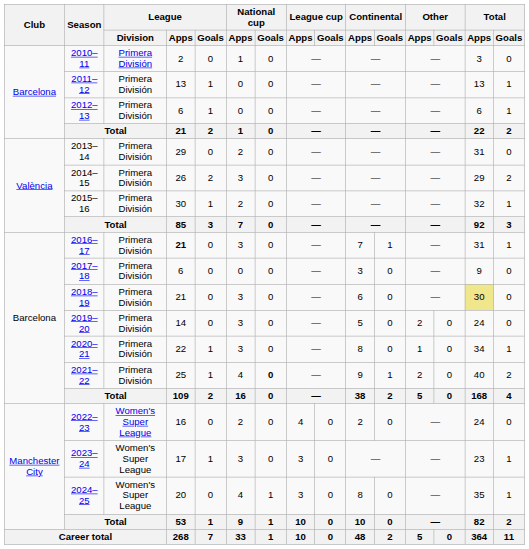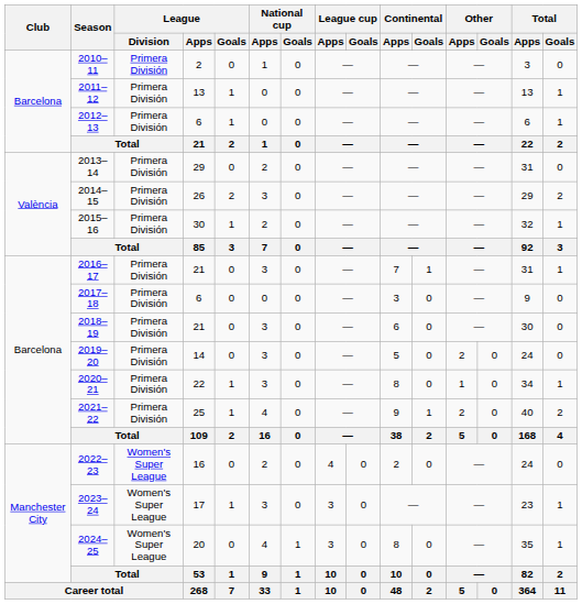 <table class="wikitable" style="text-align:center">
 <tr>
 <th rowspan="2">Club</th>
 <th rowspan="2">Season</th>
 <th colspan="3">League</th>
 <th colspan="2">National cup</th>
 <th colspan="2">League cup</th>
 <th colspan="2">Continental</th>
 <th colspan="2">Other</th>
 <th colspan="2">Total</th>
 </tr>
 <tr>
 <th>Division</th>
 <th>Apps</th>
 <th>Goals</th>
 <th>Apps</th>
 <th>Goals</th>
 <th>Apps</th>
 <th>Goals</th>
 <th>Apps</th>
 <th>Goals</th>
 <th>Apps</th>
 <th>Goals</th>
 <th>Apps</th>
 <th>Goals</th>
 </tr>
 <tr>
 <td rowspan="4"><a href='#'>Barcelona</a></td>
 <td><a href='#'>2010–11</a></td>
 <td><a href='#'>Primera División</a></td>
 <td>2</td>
 <td>0</td>
 <td>1</td>
 <td>0</td>
 <td colspan="2">—</td>
 <td colspan="2">—</td>
 <td colspan="2">—</td>
 <td>3</td>
 <td>0</td>
 </tr>
 <tr>
 <td><a href='#'>2011–12</a></td>
 <td>Primera División</td>
 <td>13</td>
 <td>1</td>
 <td>0</td>
 <td>0</td>
 <td colspan="2">—</td>
 <td colspan="2">—</td>
 <td colspan="2">—</td>
 <td>13</td>
 <td>1</td>
 </tr>
 <tr>
 <td><a href='#'>2012–13</a></td>
 <td>Primera División</td>
 <td>6</td>
 <td>1</td>
 <td>0</td>
 <td>0</td>
 <td colspan="2">—</td>
 <td colspan="2">—</td>
 <td colspan="2">—</td>
 <td>6</td>
 <td>1</td>
 </tr>
 <tr>
 <th colspan="2">Total</th>
 <th>21</th>
 <th>2</th>
 <th>1</th>
 <th>0</th>
 <th colspan="2">—</th>
 <th colspan="2">—</th>
 <th colspan="2">—</th>
 <th>22</th>
 <th>2</th>
 </tr>
 <tr>
 <td rowspan="4"><a href='#'>València</a></td>
 <td>2013–14</td>
 <td>Primera División</td>
 <td>29</td>
 <td>0</td>
 <td>2</td>
 <td>0</td>
 <td colspan="2">—</td>
 <td colspan="2">—</td>
 <td colspan="2">—</td>
 <td>31</td>
 <td>0</td>
 </tr>
 <tr>
 <td>2014–15</td>
 <td>Primera División</td>
 <td>26</td>
 <td>2</td>
 <td>3</td>
 <td>0</td>
 <td colspan="2">—</td>
 <td colspan="2">—</td>
 <td colspan="2">—</td>
 <td>29</td>
 <td>2</td>
 </tr>
 <tr>
 <td>2015–16</td>
 <td>Primera División</td>
 <td>30</td>
 <td>1</td>
 <td>2</td>
 <td>0</td>
 <td colspan="2">—</td>
 <td colspan="2">—</td>
 <td colspan="2">—</td>
 <td>32</td>
 <td>1</td>
 </tr>
 <tr>
 <th colspan="2">Total</th>
 <th>85</th>
 <th>3</th>
 <th>7</th>
 <th>0</th>
 <th colspan="2">—</th>
 <th colspan="2">—</th>
 <th colspan="2">—</th>
 <th>92</th>
 <th>3</th>
 </tr>
 <tr>
 <td rowspan="7">Barcelona</td>
 <td><a href='#'>2016–17</a></td>
 <td>Primera División</td>
-<td><strong>21</strong></td>
+<td>21</td>
 <td>0</td>
 <td>3</td>
 <td>0</td>
 <td colspan="2">—</td>
 <td>7</td>
 <td>1</td>
 <td colspan="2">—</td>
 <td>31</td>
 <td>1</td>
 </tr>
 <tr>
 <td><a href='#'>2017–18</a></td>
 <td>Primera División</td>
 <td>6</td>
 <td>0</td>
 <td>0</td>
 <td>0</td>
 <td colspan="2">—</td>
 <td>3</td>
 <td>0</td>
 <td colspan="2">—</td>
 <td>9</td>
 <td>0</td>
 </tr>
 <tr>
 <td><a href='#'>2018–19</a></td>
 <td>Primera División</td>
 <td>21</td>
 <td>0</td>
 <td>3</td>
 <td>0</td>
 <td colspan="2">—</td>
 <td>6</td>
 <td>0</td>
 <td colspan="2">—</td>
-<td style="background: khaki;">30</td>
+<td>30</td>
 <td>0</td>
 </tr>
 <tr>
 <td><a href='#'>2019–20</a></td>
 <td>Primera División</td>
 <td>14</td>
 <td>0</td>
 <td>3</td>
 <td>0</td>
 <td colspan="2">—</td>
 <td>5</td>
 <td>0</td>
 <td>2</td>
 <td>0</td>
 <td>24</td>
 <td>0</td>
 </tr>
 <tr>
 <td><a href='#'>2020–21</a></td>
 <td>Primera División</td>
 <td>22</td>
 <td>1</td>
 <td>3</td>
 <td>0</td>
 <td colspan="2">—</td>
 <td>8</td>
 <td>0</td>
 <td>1</td>
 <td>0</td>
 <td>34</td>
 <td>1</td>
 </tr>
 <tr>
 <td><a href='#'>2021–22</a></td>
 <td>Primera División</td>
 <td>25</td>
 <td>1</td>
 <td>4</td>
-<td><strong>0</strong></td>
+<td>0</td>
 <td colspan="2">—</td>
 <td>9</td>
 <td>1</td>
 <td>2</td>
 <td>0</td>
 <td>40</td>
 <td>2</td>
 </tr>
 <tr>
 <th colspan="2">Total</th>
 <th>109</th>
 <th>2</th>
 <th>16</th>
 <th>0</th>
 <th colspan="2">—</th>
 <th>38</th>
 <th>2</th>
 <th>5</th>
 <th>0</th>
 <th>168</th>
 <th>4</th>
 </tr>
 <tr>
 <td rowspan="4"><a href='#'>Manchester City</a></td>
 <td><a href='#'>2022–23</a></td>
 <td><a href='#'>Women's Super League</a></td>
 <td>16</td>
 <td>0</td>
 <td>2</td>
 <td>0</td>
 <td>4</td>
 <td>0</td>
 <td>2</td>
 <td>0</td>
 <td colspan="2">—</td>
 <td>24</td>
 <td>0</td>
 </tr>
 <tr>
 <td><a href='#'>2023–24</a></td>
 <td>Women's Super League</td>
 <td>17</td>
 <td>1</td>
 <td>3</td>
 <td>0</td>
 <td>3</td>
 <td>0</td>
 <td colspan="2">—</td>
 <td colspan="2">—</td>
 <td>23</td>
 <td>1</td>
 </tr>
 <tr>
 <td><a href='#'>2024–25</a></td>
 <td>Women's Super League</td>
 <td>20</td>
 <td>0</td>
 <td>4</td>
 <td>1</td>
 <td>3</td>
 <td>0</td>
 <td>8</td>
 <td>0</td>
 <td colspan="2">—</td>
 <td>35</td>
 <td>1</td>
 </tr>
 <tr>
 <th colspan="2">Total</th>
 <th>53</th>
 <th>1</th>
 <th>9</th>
 <th>1</th>
 <th>10</th>
 <th>0</th>
 <th>10</th>
 <th>0</th>
 <th colspan="2">—</th>
 <th>82</th>
 <th>2</th>
 </tr>
 <tr>
 <th colspan="3">Career total</th>
 <th>268</th>
 <th>7</th>
 <th>33</th>
 <th>1</th>
 <th>10</th>
 <th>0</th>
 <th>48</th>
 <th>2</th>
 <th>5</th>
 <th>0</th>
 <th>364</th>
 <th>11</th>
 </tr>
 </table>
